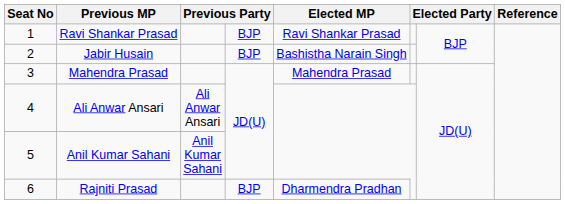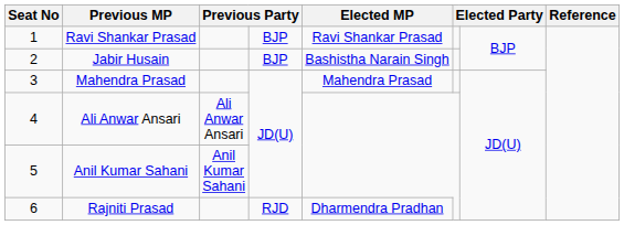 <table class="wikitable">
 <tr>
 <th>Seat No</th>
 <th>Previous MP</th>
 <th colspan=2>Previous Party</th>
 <th>Elected MP</th>
 <th colspan=2>Elected Party</th>
 <th>Reference</th>
 </tr>
 <tr style="text-align:center;">
 <td>1</td>
 <td><a href='#'>Ravi Shankar Prasad</a></td>
 <td width="1px"></td>
 <td><a href='#'>BJP</a></td>
 <td><a href='#'>Ravi Shankar Prasad</a></td>
 <td width="1px"></td>
 <td rowspan=2><a href='#'>BJP</a></td>
 <td rowspan=6></td>
 </tr>
 <tr style="text-align:center;">
 <td>2</td>
 <td><a href='#'>Jabir Husain</a></td>
 <td width="1px"></td>
 <td><a href='#'>BJP</a></td>
 <td><a href='#'>Bashistha Narain Singh</a></td>
 </tr>
 <tr style="text-align:center;">
 <td>3</td>
 <td><a href='#'>Mahendra Prasad</a></td>
 <td width="1px"></td>
 <td rowspan=3><a href='#'>JD(U)</a></td>
 <td><a href='#'>Mahendra Prasad</a></td>
 <td width="1px"></td>
 <td rowspan=4><a href='#'>JD(U)</a></td>
 </tr>
 <tr style="text-align:center;">
 <td>4</td>
 <td><a href='#'>Ali Anwar</a> Ansari</td>
 <td><a href='#'>Ali Anwar</a> Ansari</td>
 </tr>
 <tr style="text-align:center;">
 <td>5</td>
 <td><a href='#'>Anil Kumar Sahani</a></td>
 <td><a href='#'>Anil Kumar Sahani</a></td>
 </tr>
 <tr style="text-align:center;">
 <td>6</td>
 <td><a href='#'>Rajniti Prasad</a></td>
 <td width="1px"></td>
-<td><a href='#'>BJP</a></td>
+<td><a href='#'>RJD</a></td>
 <td><a href='#'>Dharmendra Pradhan</a></td>
 </tr>
 </table>
